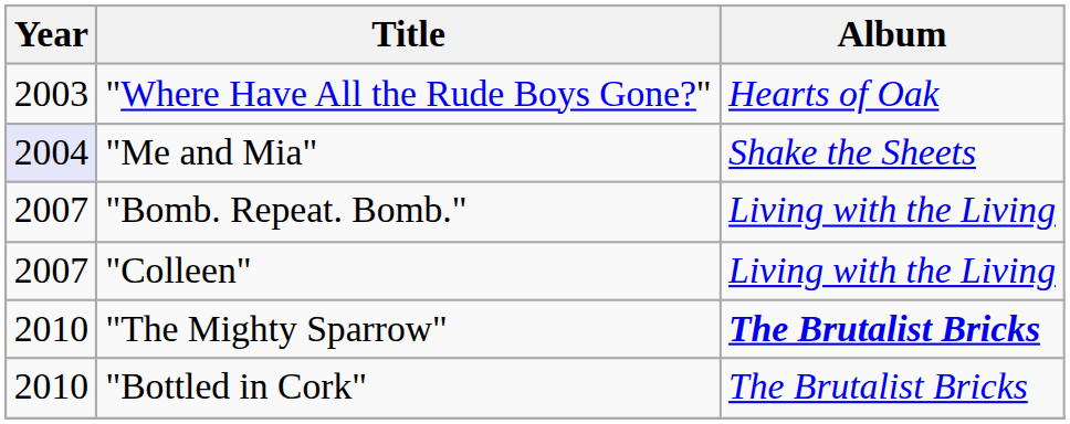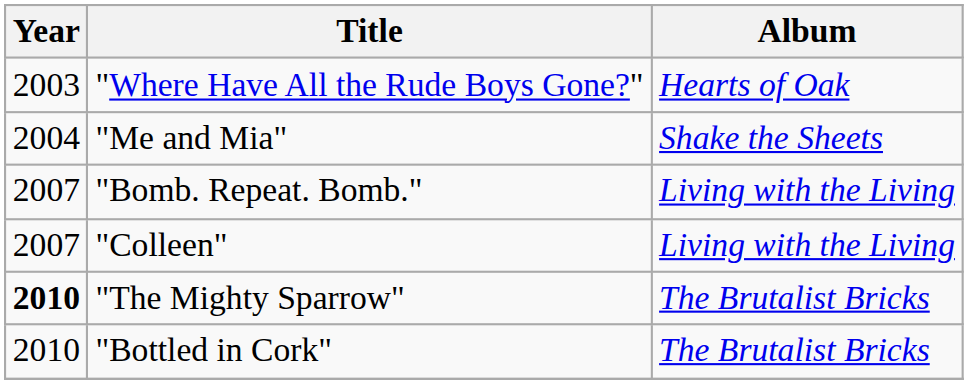 <table class="wikitable">
 <tr>
 <th>Year</th>
 <th>Title</th>
 <th>Album</th>
 </tr>
 <tr>
 <td>2003</td>
 <td>"<a href='#'>Where Have All the Rude Boys Gone?</a>"</td>
 <td><em><a href='#'>Hearts of Oak</a></em></td>
 </tr>
 <tr>
-<td style="background: lavender;">2004</td>
+<td>2004</td>
 <td>"Me and Mia"</td>
 <td><em><a href='#'>Shake the Sheets</a></em></td>
 </tr>
 <tr>
 <td>2007</td>
 <td>"Bomb. Repeat. Bomb."</td>
 <td><em><a href='#'>Living with the Living</a></em></td>
 </tr>
 <tr>
 <td>2007</td>
 <td>"Colleen"</td>
 <td><em><a href='#'>Living with the Living</a></em></td>
 </tr>
 <tr>
-<td>2010</td>
+<td><strong>2010</strong></td>
 <td>"The Mighty Sparrow"</td>
-<td><strong><em><a href='#'>The Brutalist Bricks</a></em></strong></td>
+<td><em><a href='#'>The Brutalist Bricks</a></em></td>
 </tr>
 <tr>
 <td>2010</td>
 <td>"Bottled in Cork"</td>
 <td><em><a href='#'>The Brutalist Bricks</a></em></td>
 </tr>
 <tr>
 </tr>
 </table>
